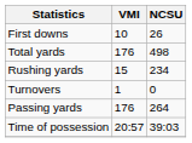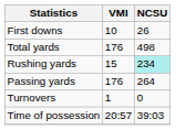 <table class="wikitable">
 <tr>
 <th>Statistics</th>
 <th>VMI</th>
 <th>NCSU</th>
 </tr>
 <tr>
 <td>First downs</td>
 <td>10</td>
 <td>26</td>
 </tr>
 <tr>
 <td>Total yards</td>
 <td>176</td>
 <td>498</td>
 </tr>
 <tr>
 <td>Rushing yards</td>
 <td>15</td>
-<td>234</td>
+<td style="background: paleturquoise;">234</td>
+</tr>
+<tr>
+<td>Passing yards</td>
+<td>176</td>
+<td>264</td>
 </tr>
 <tr>
 <td>Turnovers</td>
 <td>1</td>
 <td>0</td>
-</tr>
-<tr>
-<td>Passing yards</td>
-<td>176</td>
-<td>264</td>
 </tr>
 <tr>
 <td>Time of possession</td>
 <td>20:57</td>
 <td>39:03</td>
 </tr>
 <tr>
 </tr>
 </table>
